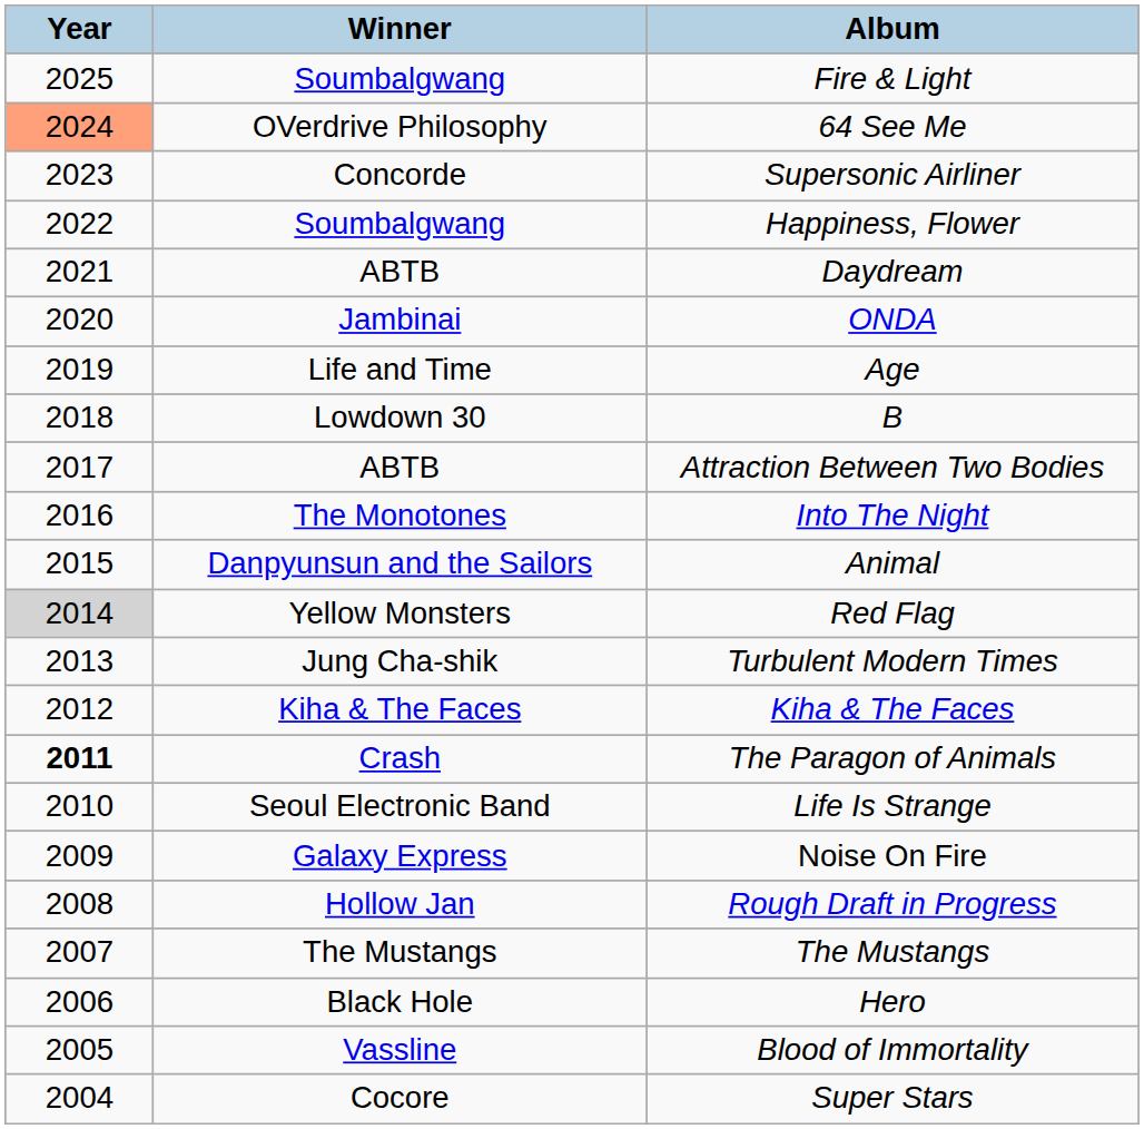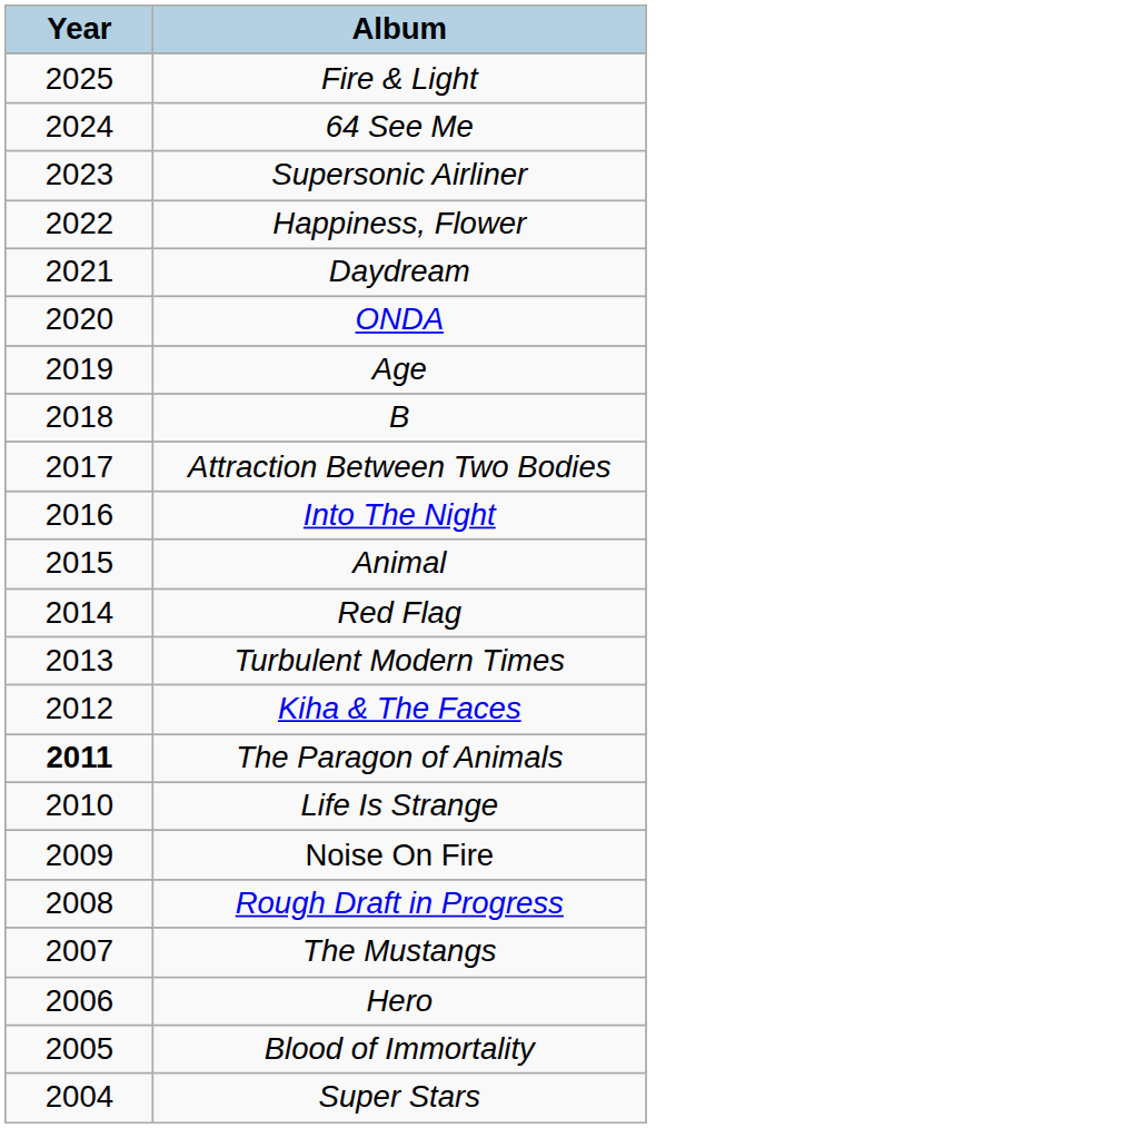 <table class="wikitable" style="text-align: center">
 <tr>
 <th width="70" style="background:#b3d1e3;">Year</th>
-<th width="250" style="background:#b3d1e3;">Winner</th>
 <th width="250" style="background:#b3d1e3;">Album</th>
 </tr>
 <tr>
 <td>2025</td>
-<td><a href='#'>Soumbalgwang</a></td>
 <td><em>Fire & Light</em></td>
 </tr>
 <tr>
-<td style="background: lightsalmon;">2024</td>
-<td>OVerdrive Philosophy</td>
+<td>2024</td>
 <td><em>64 See Me</em></td>
 </tr>
 <tr>
 <td>2023</td>
-<td>Concorde</td>
 <td><em>Supersonic Airliner</em></td>
 </tr>
 <tr>
 <td>2022</td>
-<td><a href='#'>Soumbalgwang</a></td>
 <td><em>Happiness, Flower</em></td>
 </tr>
 <tr>
 <td>2021</td>
-<td>ABTB</td>
 <td><em>Daydream</em></td>
 </tr>
 <tr>
 <td>2020</td>
-<td><a href='#'>Jambinai</a></td>
 <td><em><a href='#'>ONDA</a></em></td>
 </tr>
 <tr>
 <td>2019</td>
-<td>Life and Time</td>
 <td><em>Age</em></td>
 </tr>
 <tr>
 <td>2018</td>
-<td>Lowdown 30</td>
 <td><em>B</em></td>
 </tr>
 <tr>
 <td>2017</td>
-<td>ABTB</td>
 <td><em>Attraction Between Two Bodies</em></td>
 </tr>
 <tr>
 <td>2016</td>
-<td><a href='#'>The Monotones</a></td>
 <td><em><a href='#'>Into The Night</a></em></td>
 </tr>
 <tr>
 <td>2015</td>
-<td><a href='#'>Danpyunsun and the Sailors</a></td>
 <td><em>Animal</em></td>
 </tr>
 <tr>
-<td style="background: lightgrey;">2014</td>
-<td>Yellow Monsters</td>
+<td>2014</td>
 <td><em>Red Flag</em></td>
 </tr>
 <tr>
 <td>2013</td>
-<td>Jung Cha-shik</td>
 <td><em>Turbulent Modern Times</em></td>
 </tr>
 <tr>
 <td>2012</td>
-<td><a href='#'>Kiha & The Faces</a></td>
 <td><em><a href='#'>Kiha & The Faces</a></em></td>
 </tr>
 <tr>
 <td><strong>2011</strong></td>
-<td><a href='#'>Crash</a></td>
 <td><em>The Paragon of Animals</em></td>
 </tr>
 <tr>
 <td>2010</td>
-<td>Seoul Electronic Band</td>
 <td><em>Life Is Strange</em></td>
 </tr>
 <tr>
 <td>2009</td>
-<td><a href='#'>Galaxy Express</a></td>
 <td>Noise On Fire</td>
 </tr>
 <tr>
 <td>2008</td>
-<td><a href='#'>Hollow Jan</a></td>
 <td><em><a href='#'>Rough Draft in Progress</a></em></td>
 </tr>
 <tr>
 <td>2007</td>
-<td>The Mustangs</td>
 <td><em>The Mustangs</em></td>
 </tr>
 <tr>
 <td>2006</td>
-<td>Black Hole</td>
 <td><em>Hero</em></td>
 </tr>
 <tr>
 <td>2005</td>
-<td><a href='#'>Vassline</a></td>
 <td><em>Blood of Immortality</em></td>
 </tr>
 <tr>
 <td>2004</td>
-<td>Cocore</td>
 <td><em>Super Stars</em></td>
 </tr>
 </table>
